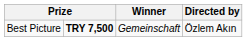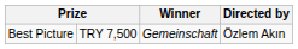 <table class="wikitable">
 <tr>
 <th colspan=2>Prize</th>
 <th>Winner</th>
 <th>Directed by</th>
 </tr>
 <tr>
 <td>Best Picture</td>
-<td><strong>TRY 7,500</strong></td>
+<td>TRY 7,500</td>
 <td><em>Gemeinschaft</em></td>
 <td>Özlem Akın</td>
 </tr>
 </table>
